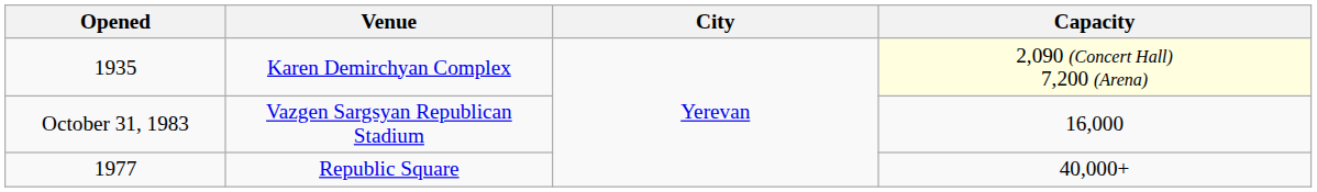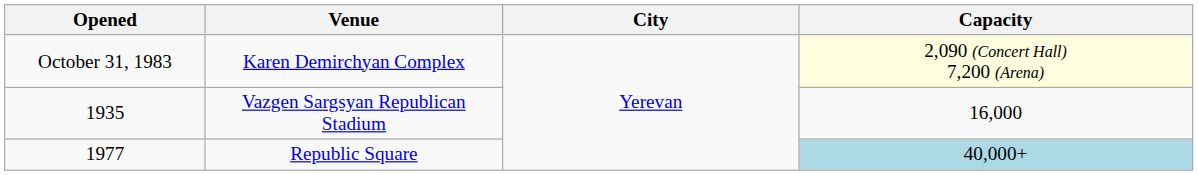 <table class="sortable wikitable" style="text-align:center;">
 <tr>
 <th scope="col" style="width:10em;">Opened</th>
 <th scope="col" style="width:15em;">Venue</th>
 <th scope="col" style="width:15em;">City</th>
 <th scope="col" style="width:20em;">Capacity</th>
 </tr>
 <tr>
-<td>1935</td>
+<td>October 31, 1983</td>
 <td><a href='#'>Karen Demirchyan Complex</a></td>
 <td rowspan="3"><a href='#'>Yerevan</a></td>
 <td style="background: lightyellow;">2,090 <em><small>(Concert Hall)</small></em><br>7,200 <small><em>(Arena)</em></small></td>
 </tr>
 <tr>
-<td>October 31, 1983</td>
+<td>1935</td>
 <td><a href='#'>Vazgen Sargsyan Republican Stadium</a></td>
 <td>16,000</td>
 </tr>
 <tr>
 <td>1977</td>
 <td><a href='#'>Republic Square</a></td>
-<td>40,000+</td>
+<td style="background: lightblue;">40,000+</td>
 </tr>
 </table>
